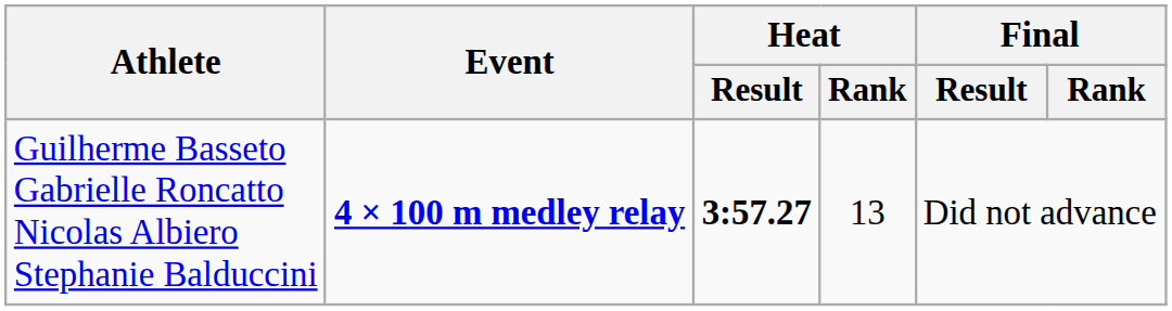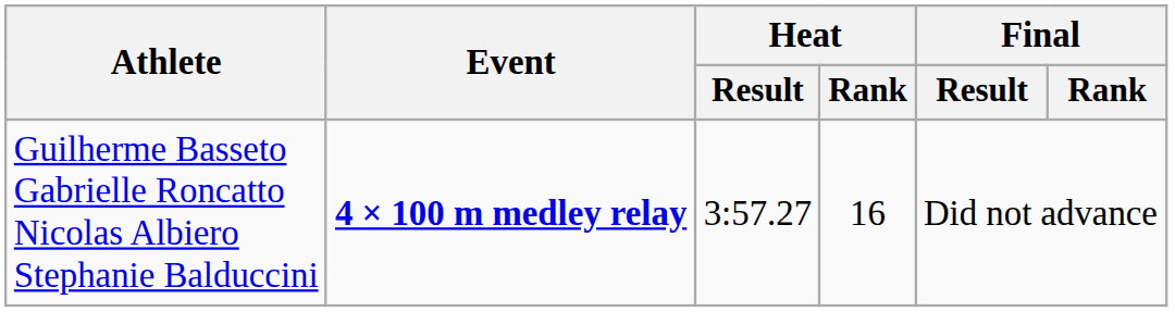 <table class="wikitable" style="font-size:90%">
 <tr>
 <th rowspan="2">Athlete</th>
 <th rowspan="2">Event</th>
 <th colspan="2">Heat</th>
 <th colspan="2">Final</th>
 </tr>
 <tr style="font-size:95%">
 <th>Result</th>
 <th>Rank</th>
 <th>Result</th>
 <th>Rank</th>
 </tr>
 <tr align=center>
 <td align=left><a href='#'>Guilherme Basseto</a><br><a href='#'>Gabrielle Roncatto</a><br><a href='#'>Nicolas Albiero</a><br><a href='#'>Stephanie Balduccini</a></td>
 <td align=left><strong><a href='#'>4 × 100 m medley relay</a></strong></td>
-<td><strong>3:57.27</strong></td>
-<td>13</td>
+<td>3:57.27</td>
+<td>16</td>
 <td colspan="2">Did not advance</td>
 </tr>
 </table>
